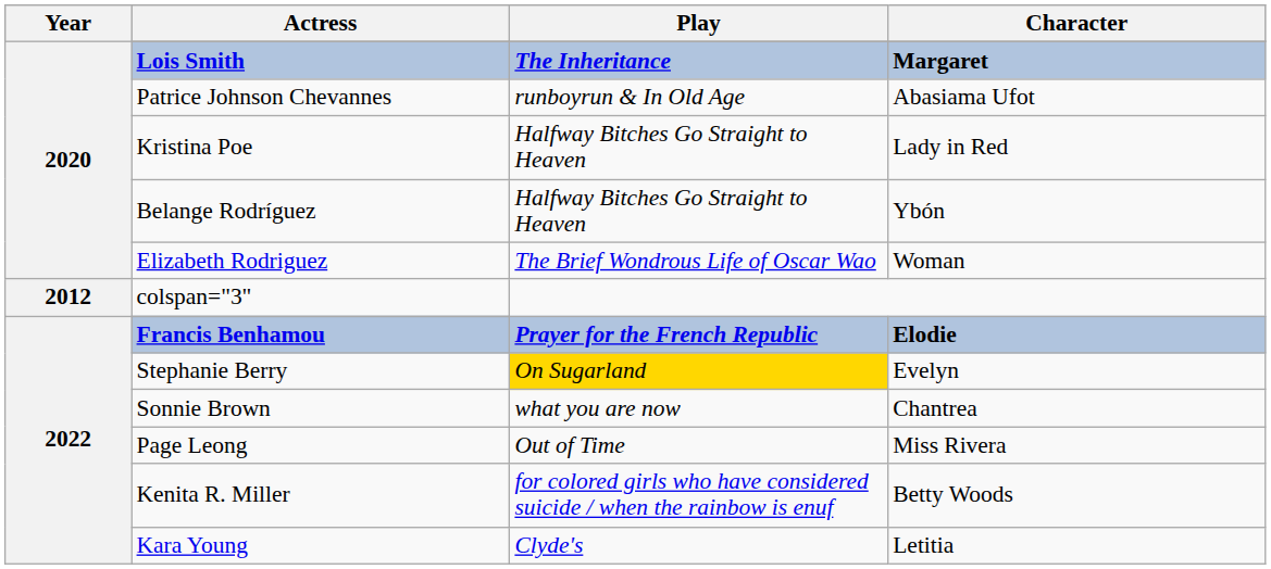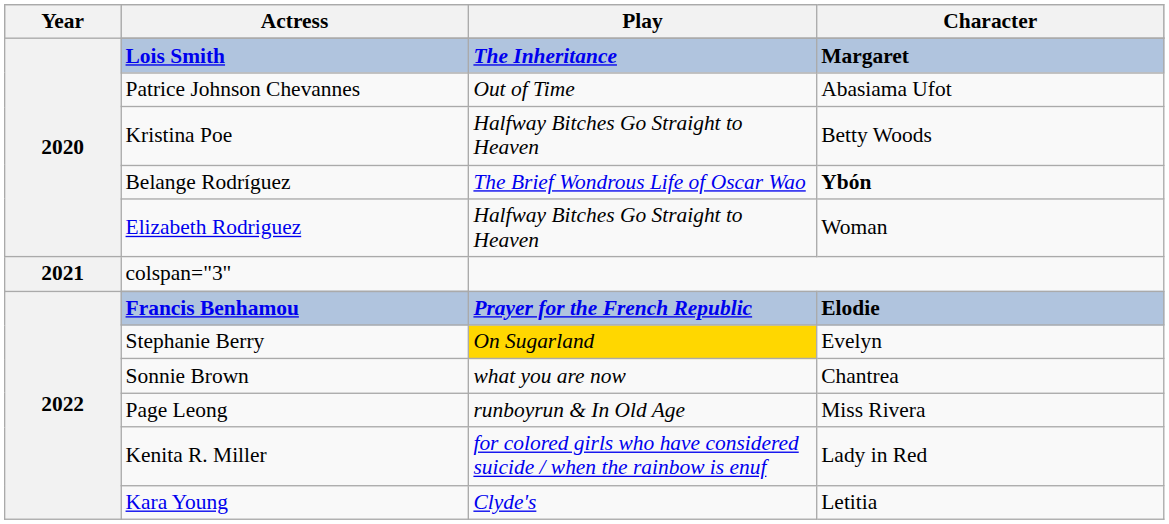 <table class="wikitable" style="width:98%;">
 <tr style="background:#bebebe;">
 <th style="width:10%;">Year</th>
 <th style="width:30%;">Actress</th>
 <th style="width:30%;">Play</th>
 <th style="width:30%;">Character</th>
 </tr>
 <tr>
 <th rowspan="6">2020</th>
 </tr>
 <tr style="background:#B0C4DE;">
 <td><strong><a href='#'>Lois Smith</a></strong></td>
 <td><strong><em><a href='#'>The Inheritance</a></em></strong></td>
 <td><strong>Margaret</strong></td>
 </tr>
 <tr>
 <td>Patrice Johnson Chevannes</td>
-<td><em>runboyrun & In Old Age</em></td>
+<td><em>Out of Time</em></td>
 <td>Abasiama Ufot</td>
 </tr>
 <tr>
 <td>Kristina Poe</td>
 <td><em>Halfway Bitches Go Straight to Heaven</em></td>
-<td>Lady in Red</td>
+<td>Betty Woods</td>
 </tr>
 <tr>
 <td>Belange Rodríguez</td>
-<td><em>Halfway Bitches Go Straight to Heaven</em></td>
-<td>Ybón</td>
+<td><em><a href='#'>The Brief Wondrous Life of Oscar Wao</a></em></td>
+<td><strong>Ybón</strong></td>
 </tr>
 <tr>
 <td><a href='#'>Elizabeth Rodriguez</a></td>
-<td><em><a href='#'>The Brief Wondrous Life of Oscar Wao</a></em></td>
+<td><em>Halfway Bitches Go Straight to Heaven</em></td>
 <td>Woman</td>
 </tr>
 <tr>
-<th>2012</th>
+<th>2021</th>
 <td>colspan="3" </td>
 </tr>
 <tr>
 <th rowspan="7">2022</th>
 </tr>
 <tr style="background:#B0C4DE;">
 <td><strong><a href='#'>Francis Benhamou</a></strong></td>
 <td><strong><em><a href='#'>Prayer for the French Republic</a></em></strong></td>
 <td><strong>Elodie</strong></td>
 </tr>
 <tr>
 <td>Stephanie Berry</td>
 <td style="background: gold;"><em>On Sugarland</em></td>
 <td>Evelyn</td>
 </tr>
 <tr>
 <td>Sonnie Brown</td>
 <td><em>what you are now</em></td>
 <td>Chantrea</td>
 </tr>
 <tr>
 <td>Page Leong</td>
-<td><em>Out of Time</em></td>
+<td><em>runboyrun & In Old Age</em></td>
 <td>Miss Rivera</td>
 </tr>
 <tr>
 <td>Kenita R. Miller</td>
 <td><em><a href='#'>for colored girls who have considered suicide / when the rainbow is enuf</a></em></td>
-<td>Betty Woods</td>
+<td>Lady in Red</td>
 </tr>
 <tr>
 <td><a href='#'>Kara Young</a></td>
 <td><em><a href='#'>Clyde's</a></em></td>
 <td>Letitia</td>
 </tr>
 </table>
